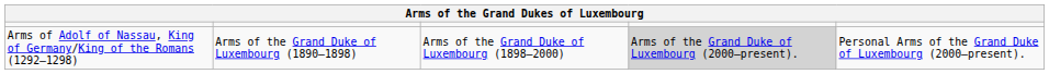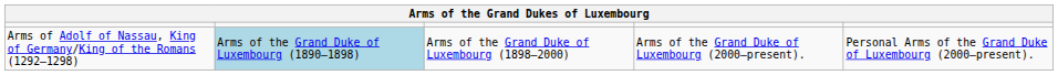 <table class="wikitable" width="100%">
 <tr>
 <th align=center colspan=5>Arms of the Grand Dukes of Luxembourg</th>
 </tr>
 <tr>
 <td align=center width="20%"></td>
 <td align=center width="20%"></td>
 <td align=center width="20%"></td>
 <td align=center width="20%"></td>
 <td align=center width="20%"></td>
 </tr>
 <tr>
 <td>Arms of <a href='#'>Adolf of Nassau</a>, <a href='#'>King of Germany</a>/<a href='#'>King of the Romans</a> (1292–1298)</td>
-<td>Arms of the <a href='#'>Grand Duke of Luxembourg</a> (1890–1898)</td>
+<td style="background: lightblue;">Arms of the <a href='#'>Grand Duke of Luxembourg</a> (1890–1898)</td>
 <td>Arms of the <a href='#'>Grand Duke of Luxembourg</a> (1898–2000)</td>
-<td style="background: lightgrey;">Arms of the <a href='#'>Grand Duke of Luxembourg</a> (2000–present).</td>
+<td>Arms of the <a href='#'>Grand Duke of Luxembourg</a> (2000–present).</td>
 <td>Personal Arms of the <a href='#'>Grand Duke of Luxembourg</a> (2000–present).</td>
 </tr>
 </table>
